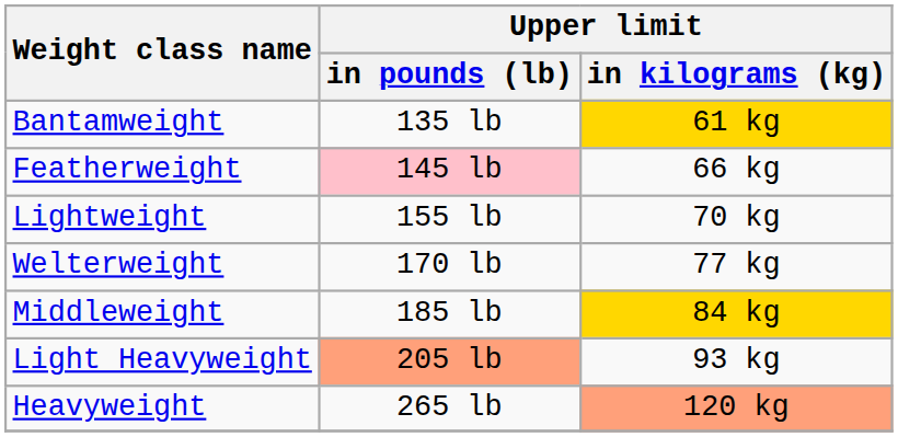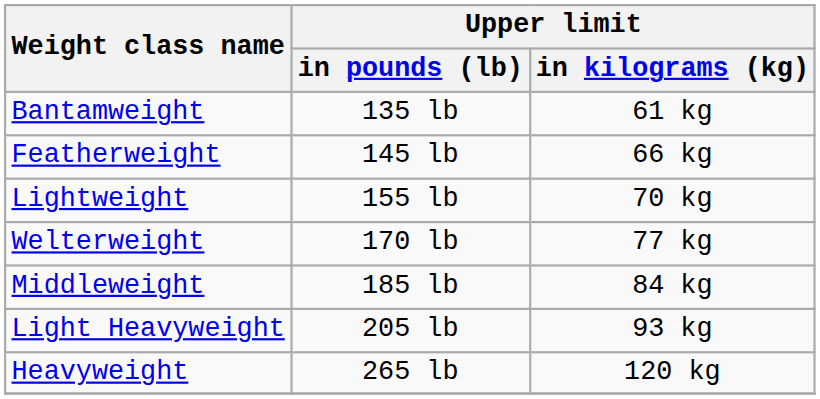 <table class="wikitable" style="font-size:95%;">
 <tr>
 <th rowspan="2">Weight class name</th>
 <th colspan="3">Upper limit</th>
 </tr>
 <tr>
 <th>in <a href='#'>pounds</a> (lb)</th>
 <th>in <a href='#'>kilograms</a> (kg)</th>
 </tr>
 <tr style="text-align:center;">
 <td align="left"><a href='#'>Bantamweight</a></td>
 <td>135 lb</td>
-<td style="background: gold;">61 kg</td>
+<td>61 kg</td>
 </tr>
 <tr style="text-align:center;">
 <td align="left"><a href='#'>Featherweight</a></td>
-<td style="background: pink;">145 lb</td>
+<td>145 lb</td>
 <td>66 kg</td>
 </tr>
 <tr style="text-align:center;">
 <td align="left"><a href='#'>Lightweight</a></td>
 <td>155 lb</td>
 <td>70 kg</td>
 </tr>
 <tr style="text-align:center;">
 <td align="left"><a href='#'>Welterweight</a></td>
 <td>170 lb</td>
 <td>77 kg</td>
 </tr>
 <tr style="text-align:center;">
 <td align="left"><a href='#'>Middleweight</a></td>
 <td>185 lb</td>
-<td style="background: gold;">84 kg</td>
+<td>84 kg</td>
 </tr>
 <tr style="text-align:center;">
 <td align="left"><a href='#'>Light Heavyweight</a></td>
-<td style="background: lightsalmon;">205 lb</td>
+<td>205 lb</td>
 <td>93 kg</td>
 </tr>
 <tr style="text-align:center;">
 <td align="left"><a href='#'>Heavyweight</a></td>
 <td>265 lb</td>
-<td style="background: lightsalmon;">120 kg</td>
+<td>120 kg</td>
 </tr>
 <tr>
 </tr>
 </table>
